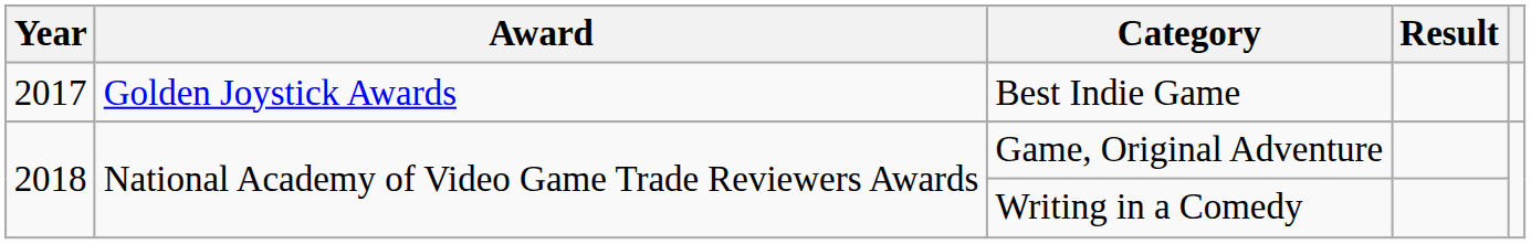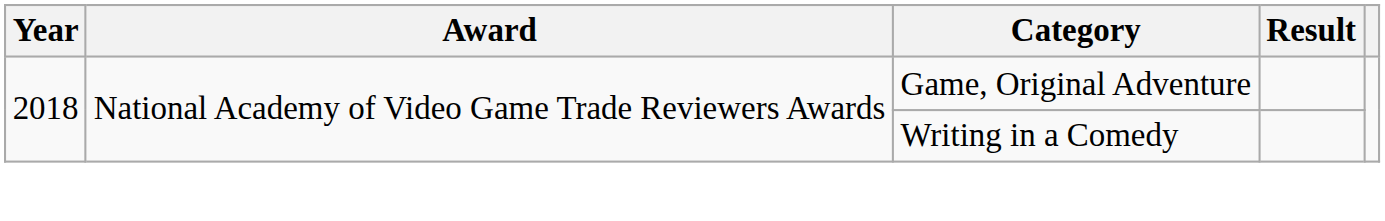 <table class="wikitable sortable">
 <tr>
 <th>Year</th>
 <th>Award</th>
 <th>Category</th>
 <th>Result</th>
 <th></th>
-</tr>
-<tr>
-<td style="text-align:center;" rowspan="1">2017</td>
-<td rowspan="1"><a href='#'>Golden Joystick Awards</a></td>
-<td>Best Indie Game</td>
-<td></td>
-<td rowspan="1" style="text-align:center;"></td>
 </tr>
 <tr>
 <td style="text-align:center;" rowspan="2">2018</td>
 <td rowspan="2">National Academy of Video Game Trade Reviewers Awards</td>
 <td>Game, Original Adventure</td>
 <td></td>
 <td rowspan="2" style="text-align:center;"></td>
 </tr>
 <tr>
 <td>Writing in a Comedy</td>
 <td></td>
 </tr>
 </table>
